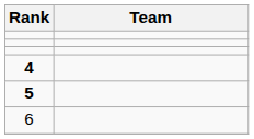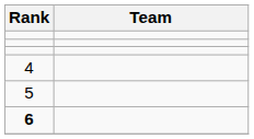 <table class=wikitable style="text-align:center;">
 <tr>
 <th>Rank</th>
 <th width=180>Team</th>
 </tr>
 <tr>
 <td></td>
 <td align=left></td>
 </tr>
 <tr>
 <td></td>
 <td align=left></td>
 </tr>
 <tr>
 <td></td>
 <td align=left></td>
 </tr>
 <tr>
-<td><strong>4</strong></td>
+<td>4</td>
 <td align=left></td>
 </tr>
 <tr>
-<td><strong>5</strong></td>
+<td>5</td>
 <td align=left></td>
 </tr>
 <tr>
-<td>6</td>
+<td><strong>6</strong></td>
 <td align=left></td>
 </tr>
 <tr>
 </tr>
 </table>
